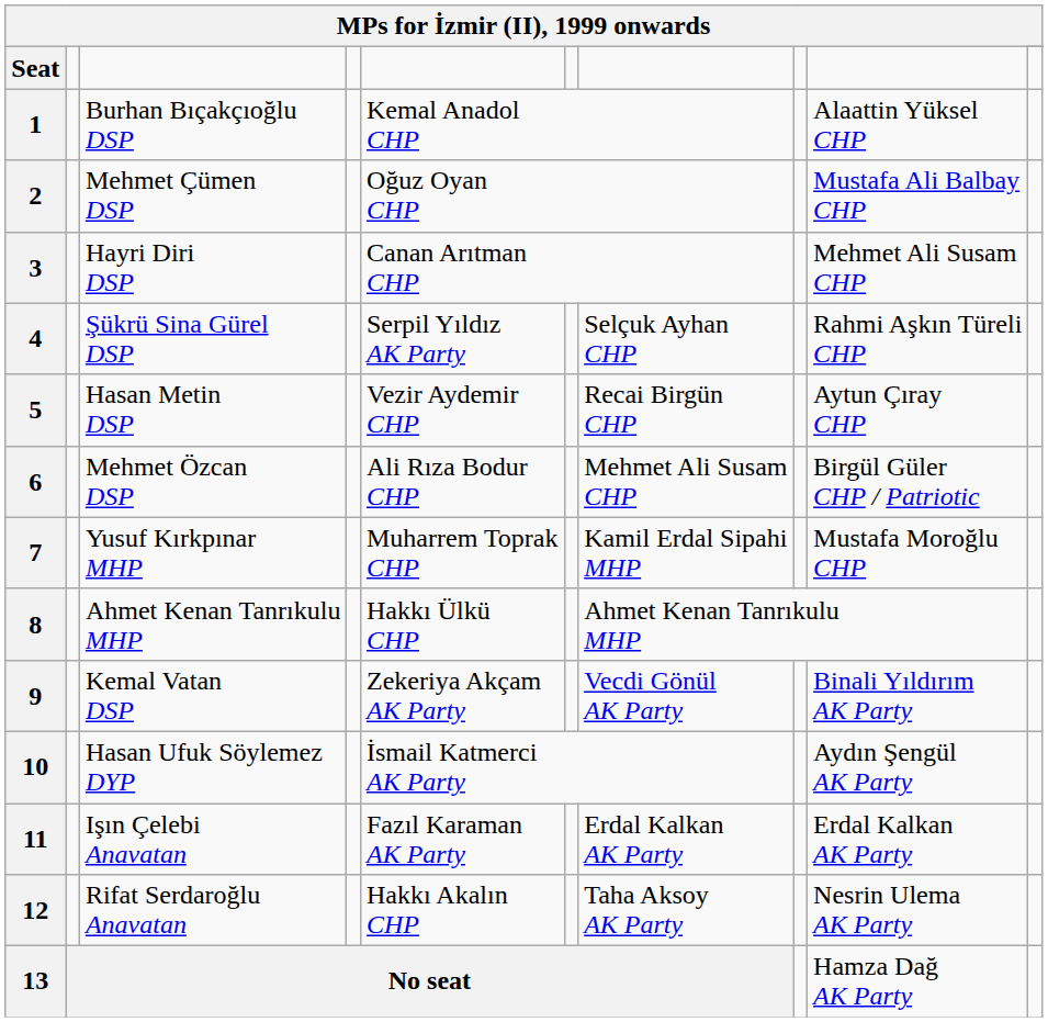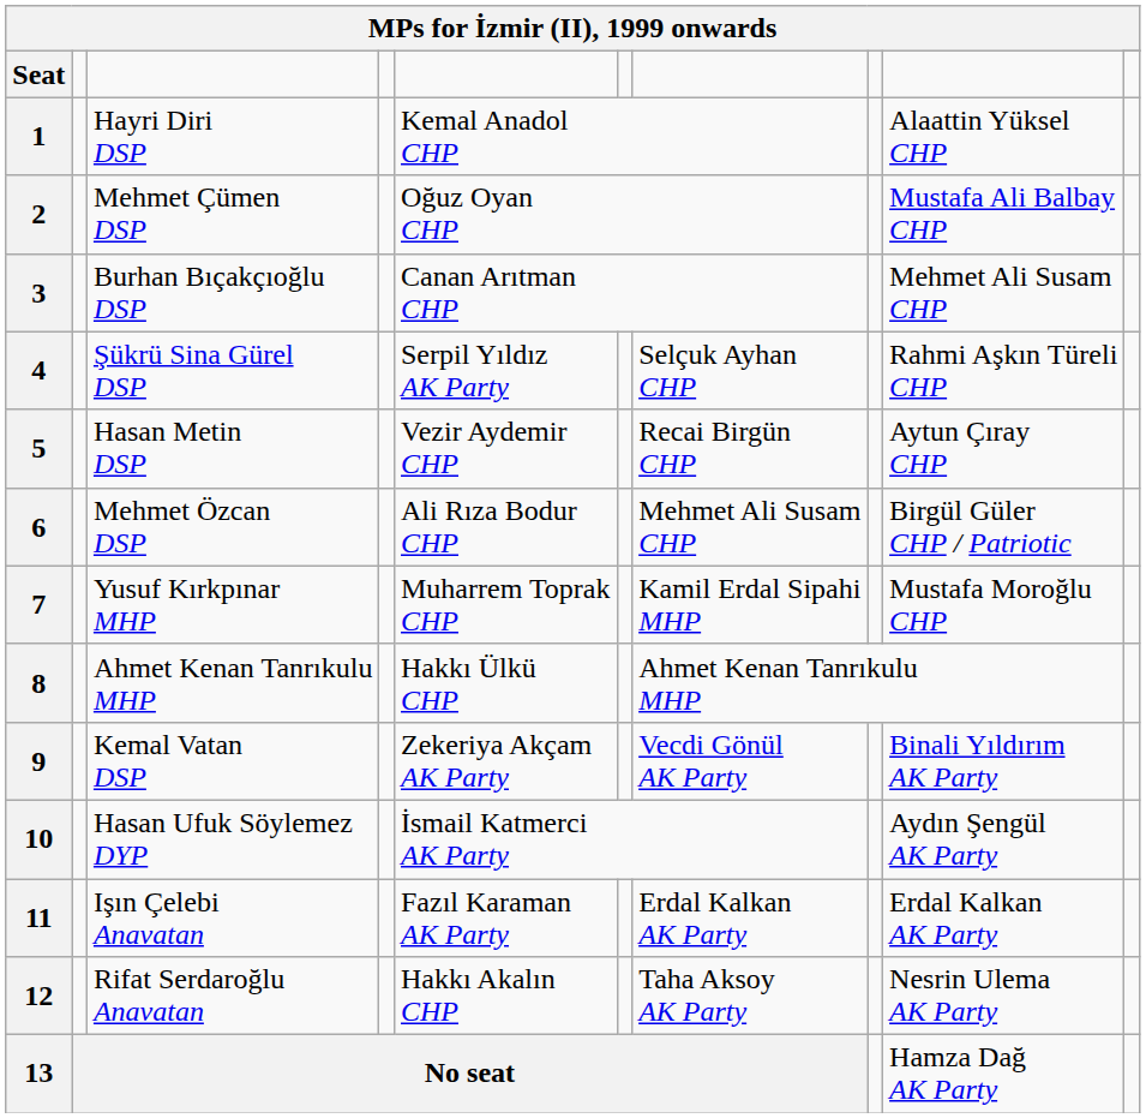 <table class="wikitable">
 <tr>
 <th colspan = 11>MPs for İzmir (II), 1999 onwards</th>
 </tr>
 <tr>
 <th rowspan = 2>Seat</th>
 <td rowspan="2" style="width:1px;"></td>
 <td rowspan = 2></td>
 <td rowspan="2" style="width:1px;"></td>
 <td rowspan = 2></td>
 <td rowspan="2" style="width:1px;"></td>
 <td rowspan = 2></td>
 <td rowspan="2" style="width:1px;"></td>
 <td rowspan = 2></td>
 </tr>
 <tr>
 <td></td>
 </tr>
 <tr>
 <th>1</th>
 <td width=1px style="background-color: "></td>
-<td colspan = 1>Burhan Bıçakçıoğlu<br><em><a href='#'>DSP</a></em></td>
+<td colspan = 1>Hayri Diri<br><em><a href='#'>DSP</a></em></td>
 <td width=1px style="background-color: "></td>
 <td colspan = 3>Kemal Anadol<br><em><a href='#'>CHP</a></em></td>
 <td width=1px style="background-color: "></td>
 <td colspan = 1>Alaattin Yüksel<br><em><a href='#'>CHP</a></em></td>
 <td width=1px style="background-color: "></td>
 </tr>
 <tr>
 <th>2</th>
 <td width=1px style="background-color: "></td>
 <td colspan = 1>Mehmet Çümen<br><em><a href='#'>DSP</a></em></td>
 <td width=1px style="background-color: "></td>
 <td colspan = 3>Oğuz Oyan<br><em><a href='#'>CHP</a></em></td>
 <td width=1px style="background-color: "></td>
 <td colspan = 1><a href='#'>Mustafa Ali Balbay</a><br><em><a href='#'>CHP</a></em></td>
 <td width=1px style="background-color: "></td>
 </tr>
 <tr>
 <th>3</th>
 <td width=1px style="background-color: "></td>
-<td colspan = 1>Hayri Diri<br><em><a href='#'>DSP</a></em></td>
+<td colspan = 1>Burhan Bıçakçıoğlu<br><em><a href='#'>DSP</a></em></td>
 <td width=1px style="background-color: "></td>
 <td colspan = 3>Canan Arıtman<br><em><a href='#'>CHP</a></em></td>
 <td width=1px style="background-color: "></td>
 <td colspan = 1>Mehmet Ali Susam<br><em><a href='#'>CHP</a></em></td>
 <td width=1px style="background-color: "></td>
 </tr>
 <tr>
 <th>4</th>
 <td width=1px style="background-color: "></td>
 <td colspan = 1><a href='#'>Şükrü Sina Gürel</a><br><em><a href='#'>DSP</a></em></td>
 <td width=1px style="background-color: "></td>
 <td colspan = 1>Serpil Yıldız<br><em><a href='#'>AK Party</a></em></td>
 <td width=1px style="background-color: "></td>
 <td colspan = 1>Selçuk Ayhan<br><em><a href='#'>CHP</a></em></td>
 <td width=1px style="background-color: "></td>
 <td colspan = 1>Rahmi Aşkın Türeli<br><em><a href='#'>CHP</a></em></td>
 <td width=1px style="background-color: "></td>
 </tr>
 <tr>
 <th>5</th>
 <td width=1px style="background-color: "></td>
 <td colspan = 1>Hasan Metin<br><em><a href='#'>DSP</a></em></td>
 <td width=1px style="background-color: "></td>
 <td colspan = 1>Vezir Aydemir<br><em><a href='#'>CHP</a></em></td>
 <td width=1px style="background-color: "></td>
 <td colspan = 1>Recai Birgün<br><em><a href='#'>CHP</a></em></td>
 <td width=1px style="background-color: "></td>
 <td colspan = 1>Aytun Çıray<br><em><a href='#'>CHP</a></em></td>
 <td width=1px style="background-color: "></td>
 </tr>
 <tr>
 <th>6</th>
 <td width=1px style="background-color: "></td>
 <td colspan = 1>Mehmet Özcan<br><em><a href='#'>DSP</a></em></td>
 <td width=1px style="background-color: "></td>
 <td colspan = 1>Ali Rıza Bodur<br><em><a href='#'>CHP</a></em></td>
 <td width=1px style="background-color: "></td>
 <td colspan = 1>Mehmet Ali Susam<br><em><a href='#'>CHP</a></em></td>
 <td width=1px style="background-color: "></td>
 <td colspan = 1>Birgül Güler<br><em><a href='#'>CHP</a> / <a href='#'>Patriotic</a></em></td>
 <td width=1px style="background-color: "></td>
 </tr>
 <tr>
 <th>7</th>
 <td width=1px style="background-color: "></td>
 <td colspan = 1>Yusuf Kırkpınar<br><em><a href='#'>MHP</a></em></td>
 <td width=1px style="background-color: "></td>
 <td colspan = 1>Muharrem Toprak<br><em><a href='#'>CHP</a></em></td>
 <td width=1px style="background-color: "></td>
 <td colspan = 1>Kamil Erdal Sipahi<br><em><a href='#'>MHP</a></em></td>
 <td width=1px style="background-color: "></td>
 <td colspan = 1>Mustafa Moroğlu<br><em><a href='#'>CHP</a></em></td>
 <td width=1px style="background-color: "></td>
 </tr>
 <tr>
 <th>8</th>
 <td width=1px style="background-color: "></td>
 <td colspan = 1>Ahmet Kenan Tanrıkulu<br><em><a href='#'>MHP</a></em></td>
 <td width=1px style="background-color: "></td>
 <td colspan = 1>Hakkı Ülkü<br><em><a href='#'>CHP</a></em></td>
 <td width=1px style="background-color: "></td>
 <td colspan = 3>Ahmet Kenan Tanrıkulu<br><em><a href='#'>MHP</a></em></td>
 <td width=1px style="background-color: "></td>
 </tr>
 <tr>
 <th>9</th>
 <td width=1px style="background-color: "></td>
 <td colspan = 1>Kemal Vatan<br><em><a href='#'>DSP</a></em></td>
 <td width=1px style="background-color: "></td>
 <td colspan = 1>Zekeriya Akçam<br><em><a href='#'>AK Party</a></em></td>
 <td width=1px style="background-color: "></td>
 <td colspan = 1><a href='#'>Vecdi Gönül</a><br><em><a href='#'>AK Party</a></em></td>
 <td width=1px style="background-color: "></td>
 <td colspan = 1><a href='#'>Binali Yıldırım</a><br><em><a href='#'>AK Party</a></em></td>
 <td width=1px style="background-color: "></td>
 </tr>
 <tr>
 <th>10</th>
 <td width=1px style="background-color: "></td>
 <td colspan = 1>Hasan Ufuk Söylemez<br><em><a href='#'>DYP</a></em></td>
 <td width=1px style="background-color: "></td>
 <td colspan = 3>İsmail Katmerci<br><em><a href='#'>AK Party</a></em></td>
 <td width=1px style="background-color: "></td>
 <td colspan = 1>Aydın Şengül<br><em><a href='#'>AK Party</a></em></td>
 <td width=1px style="background-color: "></td>
 </tr>
 <tr>
 <th>11</th>
 <td width=1px style="background-color: "></td>
 <td colspan = 1>Işın Çelebi<br><em><a href='#'>Anavatan</a></em></td>
 <td width=1px style="background-color: "></td>
 <td colspan = 1>Fazıl Karaman<br><em><a href='#'>AK Party</a></em></td>
 <td width=1px style="background-color: "></td>
 <td colspan = 1>Erdal Kalkan<br><em><a href='#'>AK Party</a></em></td>
 <td width=1px style="background-color: "></td>
 <td colspan = 1>Erdal Kalkan<br><em><a href='#'>AK Party</a></em></td>
 <td width=1px style="background-color: "></td>
 </tr>
 <tr>
 <th>12</th>
 <td width=1px style="background-color: "></td>
 <td colspan = 1>Rifat Serdaroğlu<br><em><a href='#'>Anavatan</a></em></td>
 <td width=1px style="background-color: "></td>
 <td colspan = 1>Hakkı Akalın<br><em><a href='#'>CHP</a></em></td>
 <td width=1px style="background-color: "></td>
 <td colspan = 1>Taha Aksoy<br><em><a href='#'>AK Party</a></em></td>
 <td width=1px style="background-color: "></td>
 <td colspan = 1>Nesrin Ulema<br><em><a href='#'>AK Party</a></em></td>
 <td width=1px style="background-color: "></td>
 </tr>
 <tr>
 <th>13</th>
 <th colspan = 6>No seat</th>
 <td width=1px style="background-color: "></td>
 <td colspan = 1>Hamza Dağ<br><em><a href='#'>AK Party</a></em></td>
 <td width=1px style="background-color: "></td>
 </tr>
 </table>
